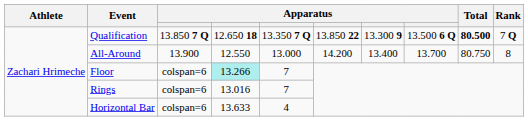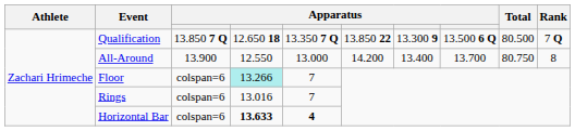 <table class="wikitable" style="font-size:90%">
 <tr>
 <th rowspan=2>Athlete</th>
 <th rowspan=2>Event</th>
 <th colspan =6>Apparatus</th>
 <th rowspan=2>Total</th>
 <th rowspan=2>Rank</th>
 </tr>
 <tr style="font-size:95%">
 <th></th>
 <th></th>
 <th></th>
 <th></th>
 <th></th>
 <th></th>
 </tr>
 <tr align=center>
 <td align=left rowspan=5><a href='#'>Zachari Hrimeche</a></td>
 <td align=left><a href='#'>Qualification</a></td>
 <td>13.850	<strong>7 Q	</strong></td>
 <td>12.650	<strong>18</strong></td>
 <td>13.350	<strong>7 Q</strong></td>
 <td>13.850	<strong>22</strong></td>
 <td>13.300	<strong>9</strong></td>
 <td>13.500	<strong>6 Q</strong></td>
-<td><strong>80.500</strong></td>
+<td>80.500</td>
 <td>7 <strong>Q</strong></td>
 </tr>
 <tr align=center>
 <td align=left><a href='#'>All-Around</a></td>
 <td>13.900</td>
 <td>12.550</td>
 <td>13.000</td>
 <td>14.200</td>
 <td>13.400</td>
 <td>13.700</td>
 <td>80.750</td>
 <td>8</td>
 </tr>
 <tr align=center>
 <td align=left><a href='#'>Floor</a></td>
 <td>colspan=6 </td>
 <td style="background: paleturquoise;">13.266</td>
 <td>7</td>
 </tr>
 <tr align=center>
 <td align=left><a href='#'>Rings</a></td>
 <td>colspan=6 </td>
 <td>13.016</td>
 <td>7</td>
 </tr>
 <tr align=center>
 <td align=left><a href='#'>Horizontal Bar</a></td>
 <td>colspan=6 </td>
-<td>13.633</td>
-<td>4</td>
+<td><strong>13.633</strong></td>
+<td><strong>4</strong></td>
 </tr>
 </table>
